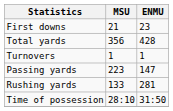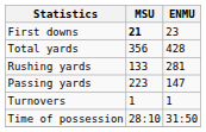 <table class="wikitable">
 <tr>
 <th>Statistics</th>
 <th>MSU</th>
 <th>ENMU</th>
 </tr>
 <tr>
 <td>First downs</td>
-<td>21</td>
+<td><strong>21</strong></td>
 <td>23</td>
 </tr>
 <tr>
 <td>Total yards</td>
 <td>356</td>
 <td>428</td>
 </tr>
 <tr>
-<td>Turnovers</td>
-<td>1</td>
-<td>1</td>
+<td>Rushing yards</td>
+<td>133</td>
+<td>281</td>
 </tr>
 <tr>
 <td>Passing yards</td>
 <td>223</td>
 <td>147</td>
 </tr>
 <tr>
-<td>Rushing yards</td>
-<td>133</td>
-<td>281</td>
+<td>Turnovers</td>
+<td>1</td>
+<td>1</td>
 </tr>
 <tr>
 <td>Time of possession</td>
 <td>28:10</td>
 <td>31:50</td>
 </tr>
 <tr>
 </tr>
 </table>
